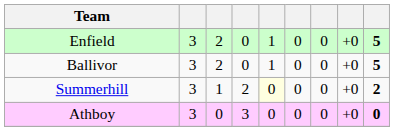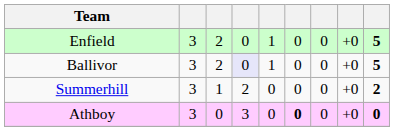 <table class="wikitable" style="text-align:center">
 <tr>
 <th width="175">Team</th>
 <th width="20"></th>
 <th width="20"></th>
 <th width="20"></th>
 <th width="20"></th>
 <th width="20"></th>
 <th width="20"></th>
 <th width="20"></th>
 <th width="20"></th>
 </tr>
 <tr style="background:#cfc;">
 <td>Enfield</td>
 <td>3</td>
 <td>2</td>
 <td>0</td>
 <td>1</td>
 <td>0</td>
 <td>0</td>
 <td>+0</td>
 <td><strong>5</strong></td>
 </tr>
 <tr>
 <td>Ballivor</td>
 <td>3</td>
 <td>2</td>
-<td>0</td>
+<td style="background: lavender;">0</td>
 <td>1</td>
 <td>0</td>
 <td>0</td>
 <td>+0</td>
 <td><strong>5</strong></td>
 </tr>
 <tr>
 <td><a href='#'>Summerhill</a></td>
 <td>3</td>
 <td>1</td>
 <td>2</td>
-<td style="background: lightyellow;">0</td>
+<td>0</td>
 <td>0</td>
 <td>0</td>
 <td>+0</td>
 <td><strong>2</strong></td>
 </tr>
 <tr style="background:#fcf;">
 <td>Athboy</td>
 <td>3</td>
 <td>0</td>
 <td>3</td>
 <td>0</td>
-<td>0</td>
+<td><strong>0</strong></td>
 <td>0</td>
 <td>+0</td>
 <td><strong>0</strong></td>
 </tr>
 <tr>
 </tr>
 </table>
